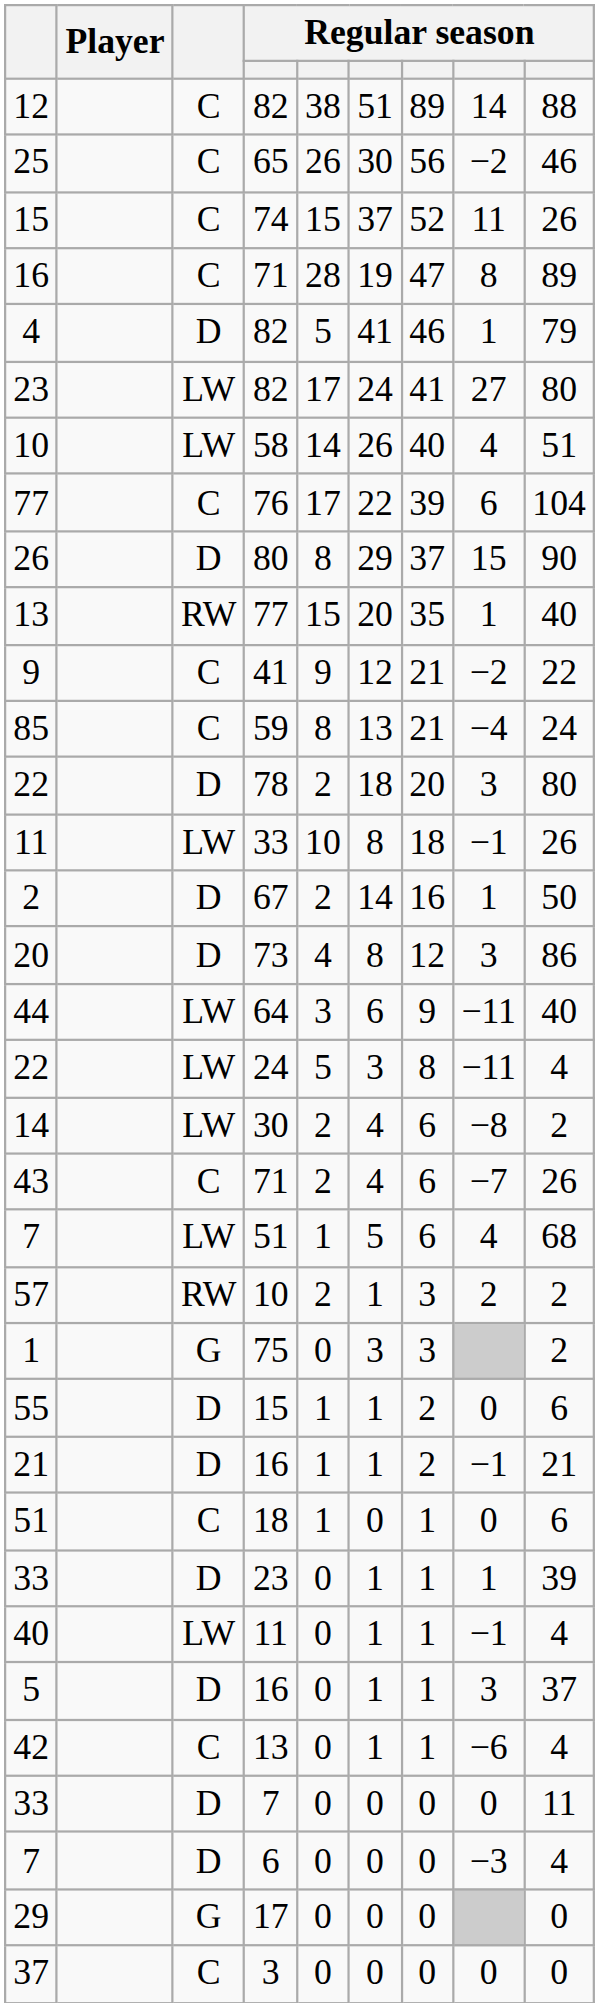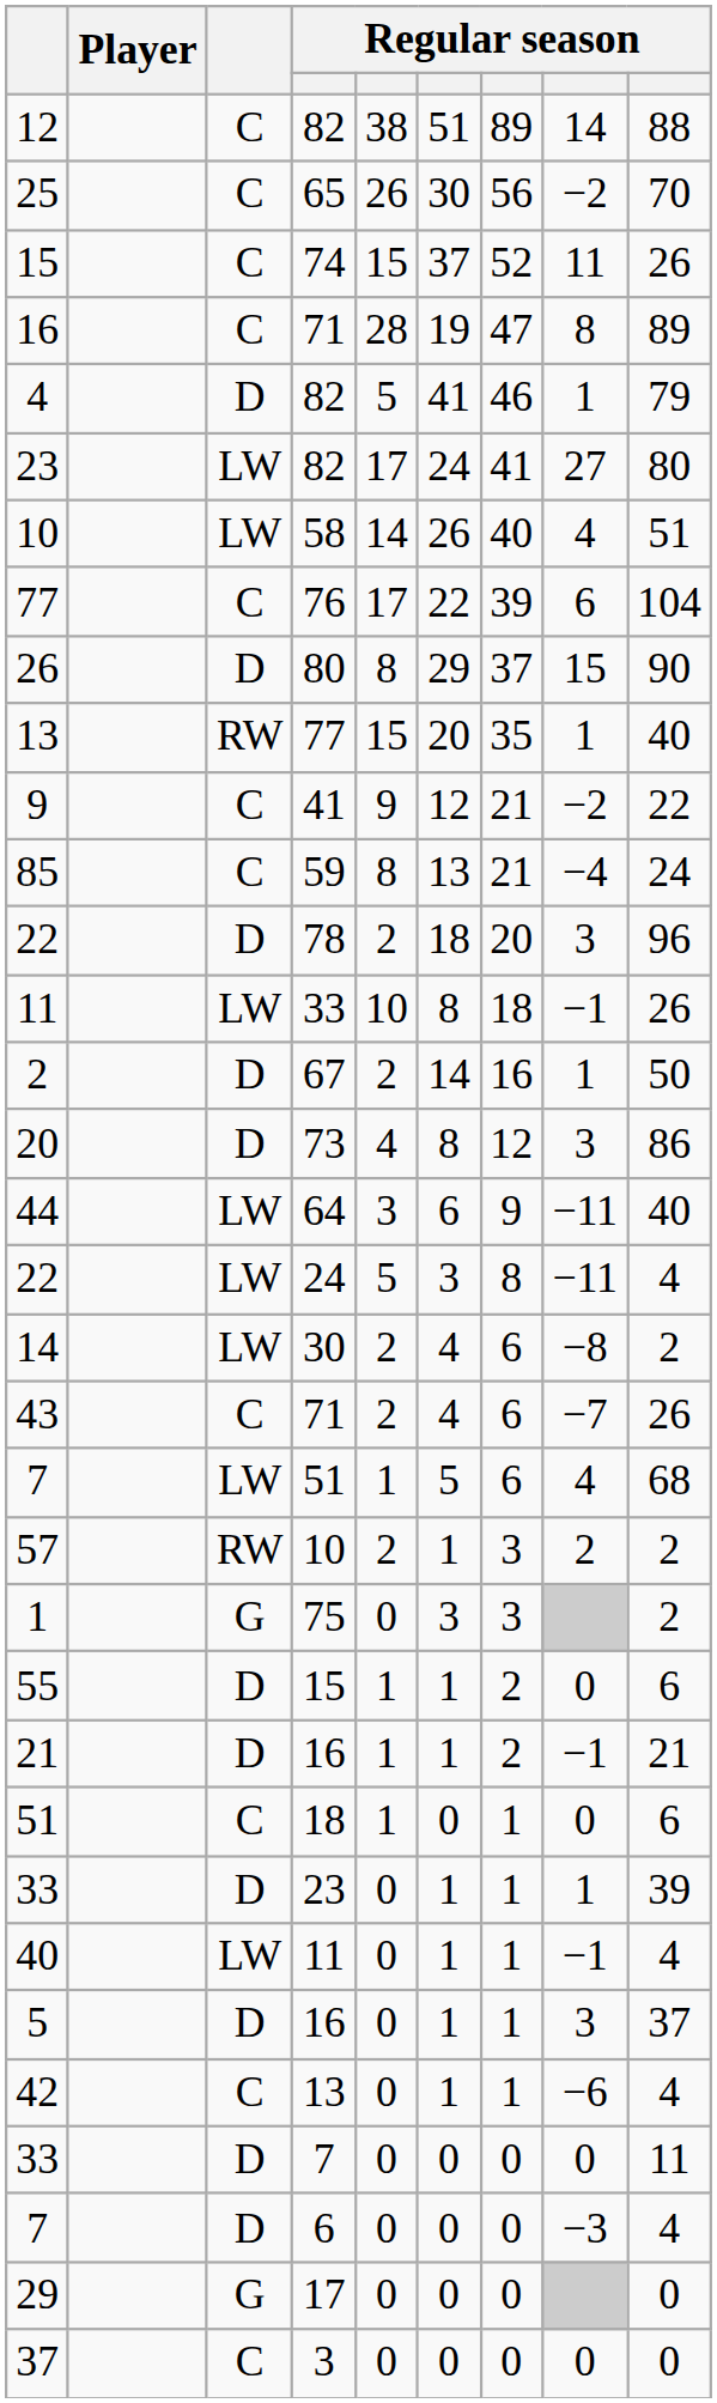 <table class="wikitable sortable plainrowheaders" style="text-align:center;">
 <tr>
 <th scope="col" data-sort-type="number" rowspan="2"></th>
 <th scope="col" rowspan="2">Player</th>
 <th scope="col" rowspan="2"></th>
 <th scope=colgroup colspan=6>Regular season</th>
 </tr>
 <tr>
 <th scope="col" data-sort-type="number"></th>
 <th scope="col" data-sort-type="number"></th>
 <th scope="col" data-sort-type="number"></th>
 <th scope="col" data-sort-type="number"></th>
 <th scope="col" data-sort-type="number"></th>
 <th scope="col" data-sort-type="number"></th>
 </tr>
 <tr>
 <td scope="row">12</td>
 <td align="left"></td>
 <td>C</td>
 <td>82</td>
 <td>38</td>
 <td>51</td>
 <td>89</td>
 <td>14</td>
 <td>88</td>
 </tr>
 <tr>
 <td scope="row">25</td>
 <td align="left"></td>
 <td>C</td>
 <td>65</td>
 <td>26</td>
 <td>30</td>
 <td>56</td>
 <td>−2</td>
-<td>46</td>
+<td>70</td>
 </tr>
 <tr>
 <td scope="row">15</td>
 <td align="left"></td>
 <td>C</td>
 <td>74</td>
 <td>15</td>
 <td>37</td>
 <td>52</td>
 <td>11</td>
 <td>26</td>
 </tr>
 <tr>
 <td scope="row">16</td>
 <td align="left"></td>
 <td>C</td>
 <td>71</td>
 <td>28</td>
 <td>19</td>
 <td>47</td>
 <td>8</td>
 <td>89</td>
 </tr>
 <tr>
 <td scope="row">4</td>
 <td align="left"></td>
 <td>D</td>
 <td>82</td>
 <td>5</td>
 <td>41</td>
 <td>46</td>
 <td>1</td>
 <td>79</td>
 </tr>
 <tr>
 <td scope="row">23</td>
 <td align="left"></td>
 <td>LW</td>
 <td>82</td>
 <td>17</td>
 <td>24</td>
 <td>41</td>
 <td>27</td>
 <td>80</td>
 </tr>
 <tr>
 <td scope="row">10</td>
 <td align="left"></td>
 <td>LW</td>
 <td>58</td>
 <td>14</td>
 <td>26</td>
 <td>40</td>
 <td>4</td>
 <td>51</td>
 </tr>
 <tr>
 <td scope="row">77</td>
 <td align="left"></td>
 <td>C</td>
 <td>76</td>
 <td>17</td>
 <td>22</td>
 <td>39</td>
 <td>6</td>
 <td>104</td>
 </tr>
 <tr>
 <td scope="row">26</td>
 <td align="left"></td>
 <td>D</td>
 <td>80</td>
 <td>8</td>
 <td>29</td>
 <td>37</td>
 <td>15</td>
 <td>90</td>
 </tr>
 <tr>
 <td scope="row">13</td>
 <td align="left"></td>
 <td>RW</td>
 <td>77</td>
 <td>15</td>
 <td>20</td>
 <td>35</td>
 <td>1</td>
 <td>40</td>
 </tr>
 <tr>
 <td scope="row">9</td>
 <td align="left"></td>
 <td>C</td>
 <td>41</td>
 <td>9</td>
 <td>12</td>
 <td>21</td>
 <td>−2</td>
 <td>22</td>
 </tr>
 <tr>
 <td scope="row">85</td>
 <td align="left"></td>
 <td>C</td>
 <td>59</td>
 <td>8</td>
 <td>13</td>
 <td>21</td>
 <td>−4</td>
 <td>24</td>
 </tr>
 <tr>
 <td scope="row">22</td>
 <td align="left"></td>
 <td>D</td>
 <td>78</td>
 <td>2</td>
 <td>18</td>
 <td>20</td>
 <td>3</td>
-<td>80</td>
+<td>96</td>
 </tr>
 <tr>
 <td scope="row">11</td>
 <td align="left"></td>
 <td>LW</td>
 <td>33</td>
 <td>10</td>
 <td>8</td>
 <td>18</td>
 <td>−1</td>
 <td>26</td>
 </tr>
 <tr>
 <td scope="row">2</td>
 <td align="left"></td>
 <td>D</td>
 <td>67</td>
 <td>2</td>
 <td>14</td>
 <td>16</td>
 <td>1</td>
 <td>50</td>
 </tr>
 <tr>
 <td scope="row">20</td>
 <td align="left"></td>
 <td>D</td>
 <td>73</td>
 <td>4</td>
 <td>8</td>
 <td>12</td>
 <td>3</td>
 <td>86</td>
 </tr>
 <tr>
 <td scope="row">44</td>
 <td align="left"></td>
 <td>LW</td>
 <td>64</td>
 <td>3</td>
 <td>6</td>
 <td>9</td>
 <td>−11</td>
 <td>40</td>
 </tr>
 <tr>
 <td scope="row">22</td>
 <td align="left"></td>
 <td>LW</td>
 <td>24</td>
 <td>5</td>
 <td>3</td>
 <td>8</td>
 <td>−11</td>
 <td>4</td>
 </tr>
 <tr>
 <td scope="row">14</td>
 <td align="left"></td>
 <td>LW</td>
 <td>30</td>
 <td>2</td>
 <td>4</td>
 <td>6</td>
 <td>−8</td>
 <td>2</td>
 </tr>
 <tr>
 <td scope="row">43</td>
 <td align="left"></td>
 <td>C</td>
 <td>71</td>
 <td>2</td>
 <td>4</td>
 <td>6</td>
 <td>−7</td>
 <td>26</td>
 </tr>
 <tr>
 <td scope="row">7</td>
 <td align="left"></td>
 <td>LW</td>
 <td>51</td>
 <td>1</td>
 <td>5</td>
 <td>6</td>
 <td>4</td>
 <td>68</td>
 </tr>
 <tr>
 <td scope="row">57</td>
 <td align="left"></td>
 <td>RW</td>
 <td>10</td>
 <td>2</td>
 <td>1</td>
 <td>3</td>
 <td>2</td>
 <td>2</td>
 </tr>
 <tr>
 <td scope="row">1</td>
 <td align="left"></td>
 <td>G</td>
 <td>75</td>
 <td>0</td>
 <td>3</td>
 <td>3</td>
 <td style="background:#ccc"></td>
 <td>2</td>
 </tr>
 <tr>
 <td scope="row">55</td>
 <td align="left"></td>
 <td>D</td>
 <td>15</td>
 <td>1</td>
 <td>1</td>
 <td>2</td>
 <td>0</td>
 <td>6</td>
 </tr>
 <tr>
 <td scope="row">21</td>
 <td align="left"></td>
 <td>D</td>
 <td>16</td>
 <td>1</td>
 <td>1</td>
 <td>2</td>
 <td>−1</td>
 <td>21</td>
 </tr>
 <tr>
 <td scope="row">51</td>
 <td align="left"></td>
 <td>C</td>
 <td>18</td>
 <td>1</td>
 <td>0</td>
 <td>1</td>
 <td>0</td>
 <td>6</td>
 </tr>
 <tr>
 <td scope="row">33</td>
 <td align="left"></td>
 <td>D</td>
 <td>23</td>
 <td>0</td>
 <td>1</td>
 <td>1</td>
 <td>1</td>
 <td>39</td>
 </tr>
 <tr>
 <td scope="row">40</td>
 <td align="left"></td>
 <td>LW</td>
 <td>11</td>
 <td>0</td>
 <td>1</td>
 <td>1</td>
 <td>−1</td>
 <td>4</td>
 </tr>
 <tr>
 <td scope="row">5</td>
 <td align="left"></td>
 <td>D</td>
 <td>16</td>
 <td>0</td>
 <td>1</td>
 <td>1</td>
 <td>3</td>
 <td>37</td>
 </tr>
 <tr>
 <td scope="row">42</td>
 <td align="left"></td>
 <td>C</td>
 <td>13</td>
 <td>0</td>
 <td>1</td>
 <td>1</td>
 <td>−6</td>
 <td>4</td>
 </tr>
 <tr>
 <td scope="row">33</td>
 <td align="left"></td>
 <td>D</td>
 <td>7</td>
 <td>0</td>
 <td>0</td>
 <td>0</td>
 <td>0</td>
 <td>11</td>
 </tr>
 <tr>
 <td scope="row">7</td>
 <td align="left"></td>
 <td>D</td>
 <td>6</td>
 <td>0</td>
 <td>0</td>
 <td>0</td>
 <td>−3</td>
 <td>4</td>
 </tr>
 <tr>
 <td scope="row">29</td>
 <td align="left"></td>
 <td>G</td>
 <td>17</td>
 <td>0</td>
 <td>0</td>
 <td>0</td>
 <td style="background:#ccc"></td>
 <td>0</td>
 </tr>
 <tr>
 <td scope="row">37</td>
 <td align="left"></td>
 <td>C</td>
 <td>3</td>
 <td>0</td>
 <td>0</td>
 <td>0</td>
 <td>0</td>
 <td>0</td>
 </tr>
 </table>
